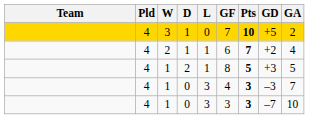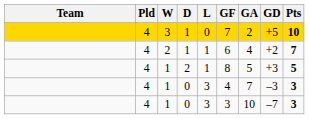 <table class="wikitable" style="text-align:center;">
 <tr>
 <th width=175>Team</th>
 <th width=20 abbr="Played">Pld</th>
 <th width=20 abbr="Won">W</th>
 <th width=20 abbr="Drawn">D</th>
 <th width=20 abbr="Lost">L</th>
 <th width=20 abbr="Goals for">GF</th>
+<th width=20 abbr="Goals against">GA</th>
+<th width=20 abbr="Goal difference">GD</th>
 <th width=20 abbr="Points">Pts</th>
-<th width=20 abbr="Goal difference">GD</th>
-<th width=20 abbr="Goals against">GA</th>
 </tr>
 <tr bgcolor=gold>
 <td align=left></td>
 <td>4</td>
 <td>3</td>
 <td>1</td>
 <td>0</td>
 <td>7</td>
+<td>2</td>
+<td>+5</td>
 <td><strong>10</strong></td>
-<td>+5</td>
-<td>2</td>
 </tr>
 <tr>
 <td align=left></td>
 <td>4</td>
 <td>2</td>
 <td>1</td>
 <td>1</td>
 <td>6</td>
+<td>4</td>
+<td>+2</td>
 <td><strong>7</strong></td>
-<td>+2</td>
-<td>4</td>
 </tr>
 <tr>
 <td align=left></td>
 <td>4</td>
 <td>1</td>
 <td>2</td>
 <td>1</td>
 <td>8</td>
+<td>5</td>
+<td>+3</td>
 <td><strong>5</strong></td>
-<td>+3</td>
-<td>5</td>
 </tr>
 <tr>
 <td align=left></td>
 <td>4</td>
 <td>1</td>
 <td>0</td>
 <td>3</td>
 <td>4</td>
+<td>7</td>
+<td>–3</td>
 <td><strong>3</strong></td>
-<td>–3</td>
-<td>7</td>
 </tr>
 <tr>
 <td align=left></td>
 <td>4</td>
 <td>1</td>
 <td>0</td>
 <td>3</td>
 <td>3</td>
+<td>10</td>
+<td>–7</td>
 <td><strong>3</strong></td>
-<td>–7</td>
-<td>10</td>
 </tr>
 </table>
